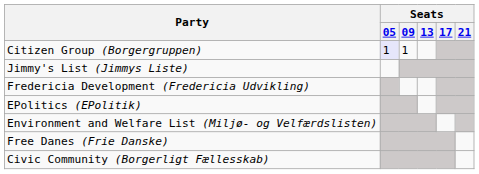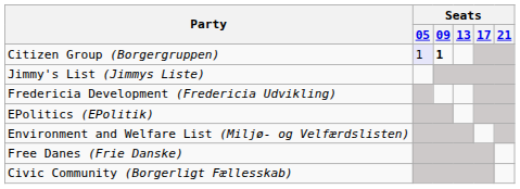 <table class="wikitable">
 <tr>
 <th rowspan=2>Party</th>
 <th colspan=11>Seats</th>
 </tr>
 <tr>
 <th><a href='#'>05</a></th>
 <th><a href='#'>09</a></th>
 <th><a href='#'>13</a></th>
 <th><a href='#'>17</a></th>
 <th><a href='#'>21</a></th>
 </tr>
 <tr>
 <td>Citizen Group <em>(Borgergruppen)</em></td>
 <td style="background: lavender;">1</td>
-<td>1</td>
+<td><strong>1</strong></td>
 <td></td>
 <td style="background:#CDC9C9;" colspan=2></td>
 </tr>
 <tr>
 <td>Jimmy's List <em>(Jimmys Liste)</em></td>
 <td></td>
 <td style="background:#CDC9C9;" colspan=4></td>
 </tr>
 <tr>
 <td>Fredericia Development <em>(Fredericia Udvikling)</em></td>
 <td style="background:#CDC9C9;"></td>
 <td></td>
 <td></td>
 <td style="background:#CDC9C9;" colspan=2></td>
 </tr>
 <tr>
 <td>EPolitics <em>(EPolitik)</em></td>
 <td style="background:#CDC9C9;" colspan=2></td>
 <td></td>
 <td style="background:#CDC9C9;" colspan=2></td>
 </tr>
 <tr>
 <td>Environment and Welfare List <em>(Miljø- og Velfærdslisten)</em></td>
 <td style="background:#CDC9C9;" colspan=3></td>
 <td></td>
 <td style="background:#CDC9C9;"></td>
 </tr>
 <tr>
 <td>Free Danes <em>(Frie Danske)</em></td>
 <td style="background:#CDC9C9;" colspan=4></td>
 <td></td>
 </tr>
 <tr>
 <td>Civic Community <em>(Borgerligt Fællesskab)</em></td>
 <td style="background:#CDC9C9;" colspan=4></td>
 <td></td>
 </tr>
 </table>
